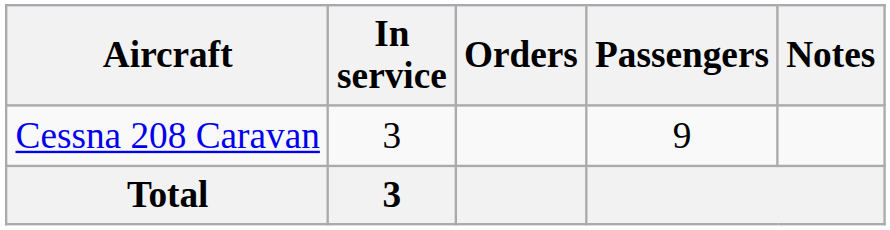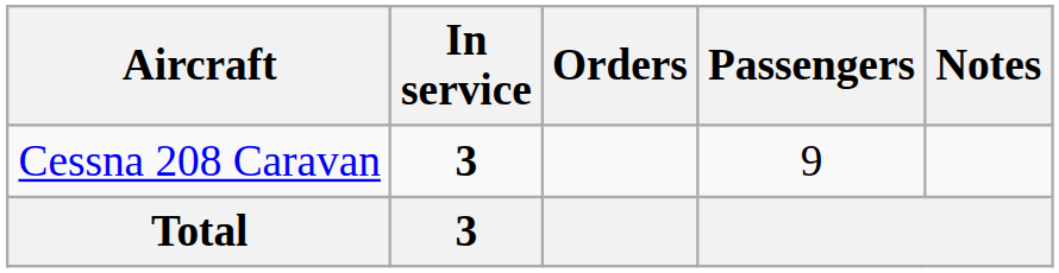 <table class="wikitable" style="margin:0.5em auto; text-align:center">
 <tr bgcolor=#ccccff>
 <th>Aircraft</th>
 <th>In <br> service</th>
 <th>Orders</th>
 <th>Passengers</th>
 <th>Notes</th>
 </tr>
 <tr>
 <td><a href='#'>Cessna 208 Caravan</a></td>
-<td>3</td>
+<td><strong>3</strong></td>
 <td></td>
 <td>9</td>
 <td></td>
 </tr>
 <tr>
 <th>Total</th>
 <th>3</th>
 <th></th>
 <th colspan=2></th>
 </tr>
 </table>
